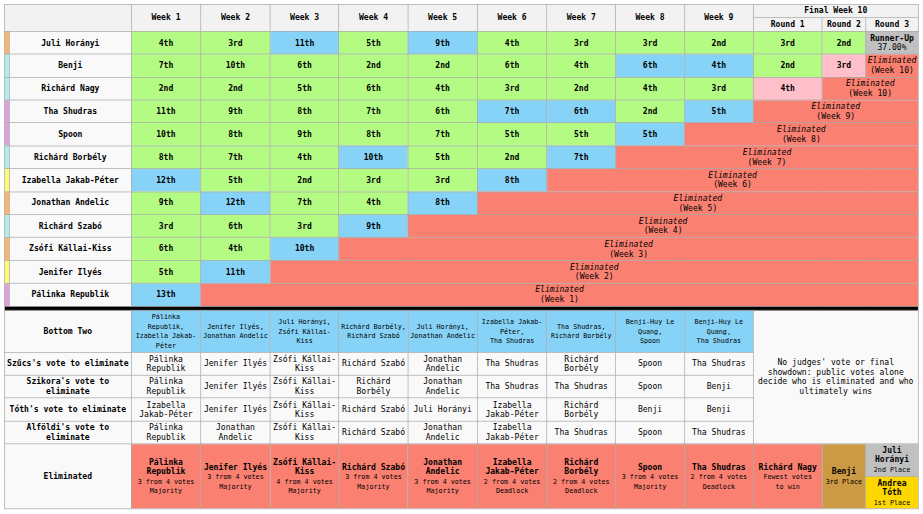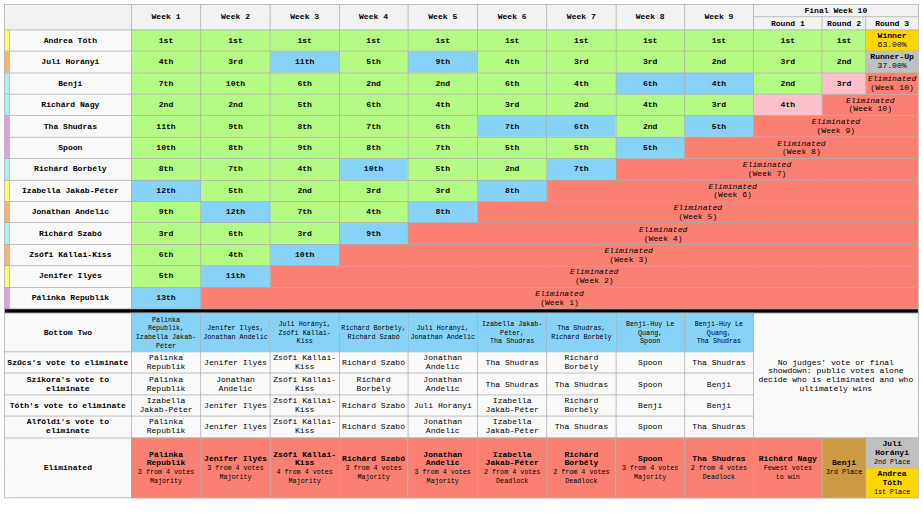 <table class="wikitable" style="text-align:center; font-size:85%">
 <tr>
 <th style="width:15%" rowspan=2 colspan=2></th>
 <th style="width:8%" rowspan=2>Week 1</th>
 <th style="width:8%" rowspan=2>Week 2</th>
 <th style="width:8%" rowspan=2>Week 3</th>
 <th style="width:8%" rowspan=2>Week 4</th>
 <th style="width:8%" rowspan=2>Week 5</th>
 <th style="width:8%" rowspan=2>Week 6</th>
 <th style="width:8%" rowspan=2>Week 7</th>
 <th style="width:8%" rowspan=2>Week 8</th>
 <th style="width:8%" rowspan=2>Week 9</th>
 <th colspan=3>Final Week 10</th>
 </tr>
 <tr>
 <th style="width:8%">Round 1</th>
 <th style="width:8%">Round 2</th>
 <th style="width:8%">Round 3</th>
+</tr>
+<tr>
+<td style="background:#fffa73;"></td>
+<td><strong>Andrea Tóth</strong></td>
+<td style="background:#B4FB84"><strong> 1st</strong></td>
+<td style="background:#B4FB84"><strong> 1st</strong></td>
+<td style="background:#B4FB84"><strong>1st</strong></td>
+<td style="background:#B4FB84"><strong> 1st</strong></td>
+<td style="background:#B4FB84"><strong> 1st</strong></td>
+<td style="background:#B4FB84"><strong> 1st</strong></td>
+<td style="background:#B4FB84"><strong>1st</strong></td>
+<td style="background:#B4FB84"><strong>1st</strong></td>
+<td style="background:#B4FB84"><strong> 1st</strong></td>
+<td style="background:#B4FB84"><strong>1st</strong></td>
+<td style="background:#B4FB84"><strong> 1st</strong></td>
+<td style="background:gold"><strong> Winner</strong> <br>63.00%</td>
 </tr>
 <tr>
 <td style="background:#fbb46e"></td>
 <td><strong>Juli Horányi</strong></td>
 <td style="background:#B4FB84"><strong>4th</strong></td>
 <td style="background:#B4FB84"><strong>3rd</strong></td>
 <td style="background:#87D3F8"><strong> 11th</strong></td>
 <td style="background:#B4FB84"><strong> 5th</strong></td>
 <td style="background:#87D3F8"><strong> 9th</strong></td>
 <td style="background:#B4FB84"><strong>4th</strong></td>
 <td style="background:#B4FB84"><strong> 3rd</strong></td>
 <td style="background:#B4FB84"><strong>3rd</strong></td>
 <td style="background:#B4FB84"><strong> 2nd</strong></td>
 <td style="background:#B4FB84"><strong>3rd</strong></td>
 <td style="background:#B4FB84"><strong>2nd</strong></td>
 <td style="background:silver"><strong>Runner-Up</strong> <br>37.00%</td>
 </tr>
 <tr>
 <td style="background:#afeeee;"></td>
 <td><strong>Benji</strong></td>
 <td style="background:#B4FB84"><strong>7th</strong></td>
 <td style="background:#B4FB84"><strong>10th</strong></td>
 <td style="background:#B4FB84"><strong> 6th</strong></td>
 <td style="background:#B4FB84"><strong> 2nd</strong></td>
 <td style="background:#B4FB84"><strong> 2nd</strong></td>
 <td style="background:#B4FB84"><strong>6th</strong></td>
 <td style="background:#B4FB84"><strong>4th</strong></td>
 <td style="background:#87D3F8"><strong>6th</strong></td>
 <td style="background:#87D3F8"><strong> 4th</strong></td>
 <td style="background:#B4FB84"><strong>2nd</strong></td>
 <td style="background:pink"><strong> 3rd</strong></td>
 <td style="background:salmon;" colspan="1"><em>Eliminated</em><br>(Week 10)</td>
 </tr>
 <tr>
 <td style="background:#afeeee;"></td>
 <td><strong>Richárd Nagy</strong></td>
 <td style="background:#B4FB84"><strong> 2nd</strong></td>
 <td style="background: #B4FB84"><strong>2nd</strong></td>
 <td style="background:#B4FB84"><strong>5th</strong></td>
 <td style="background:#B4FB84"><strong> 6th</strong></td>
 <td style="background:#B4FB84"><strong>4th</strong></td>
 <td style="background:#B4FB84"><strong>3rd</strong></td>
 <td style="background:#B4FB84"><strong>2nd</strong></td>
 <td style="background:#B4FB84"><strong> 4th</strong></td>
 <td style="background:#B4FB84"><strong> 3rd</strong></td>
 <td style="background:pink"><strong>4th</strong></td>
 <td style="background:salmon;" colspan="2"><em>Eliminated</em><br>(Week 10)</td>
 </tr>
 <tr>
 <td style="background:#dda0dd"></td>
 <td><strong>Tha Shudras</strong></td>
 <td style="background:#B4FB84"><strong> 11th</strong></td>
 <td style="background:#B4FB84"><strong> 9th</strong></td>
 <td style="background:#B4FB84"><strong>8th</strong></td>
 <td style="background:#B4FB84"><strong>7th</strong></td>
 <td style="background:#B4FB84"><strong> 6th</strong></td>
 <td style="background:#87D3F8"><strong>7th</strong></td>
 <td style="background:#87D3F8"><strong> 6th</strong></td>
 <td style="background:#B4FB84"><strong>2nd</strong></td>
 <td style="background:#87D3F8"><strong> 5th</strong></td>
 <td style="background:salmon;" colspan="3"><em>Eliminated</em><br>(Week 9)</td>
 </tr>
 <tr>
 <td style="background:#dda0dd"></td>
 <td><strong>Spoon</strong></td>
 <td style="background:#B4FB84"><strong>10th</strong></td>
 <td style="background:#B4FB84"><strong>8th</strong></td>
 <td style="background:#B4FB84"><strong>9th</strong></td>
 <td style="background:#B4FB84"><strong> 8th</strong></td>
 <td style="background:#B4FB84"><strong> 7th</strong></td>
 <td style="background:#B4FB84"><strong>5th</strong></td>
 <td style="background:#B4FB84"><strong> 5th</strong></td>
 <td style="background:#87D3F8"><strong>5th</strong></td>
 <td style="background:salmon;" colspan="4"><em>Eliminated</em><br>(Week 8)</td>
 </tr>
 <tr>
 <td style="background:#afeeee;"></td>
 <td><strong>Richárd Borbély</strong></td>
 <td style="background:#B4FB84"><strong>8th</strong></td>
 <td style="background:#B4FB84"><strong> 7th</strong></td>
 <td style="background:#B4FB84"><strong>4th</strong></td>
 <td style="background:#87D3F8"><strong>10th</strong></td>
 <td style="background:#B4FB84"><strong>5th</strong></td>
 <td style="background:#B4FB84"><strong>2nd</strong></td>
 <td style="background:#87D3F8"><strong> 7th</strong></td>
 <td style="background:salmon;" colspan="5"><em>Eliminated</em><br>(Week 7)</td>
 </tr>
 <tr>
 <td style="background:#fffa73;"></td>
 <td><strong>Izabella Jakab-Péter</strong></td>
 <td style="background:#87D3F8"><strong>12th</strong></td>
 <td style="background:#B4FB84"><strong>5th</strong></td>
 <td style="background:#B4FB84"><strong>2nd</strong></td>
 <td style="background:#B4FB84"><strong> 3rd</strong></td>
 <td style="background:#B4FB84"><strong>3rd</strong></td>
 <td style="background:#87D3F8"><strong> 8th</strong></td>
 <td style="background:salmon;" colspan="6"><em>Eliminated</em><br>(Week 6)</td>
 </tr>
 <tr>
 <td style="background:#fbb46e;"></td>
 <td><strong>Jonathan Andelic</strong></td>
 <td style="background:#B4FB84"><strong> 9th</strong></td>
 <td style="background:#87D3F8"><strong> 12th</strong></td>
 <td style="background:#B4FB84"><strong> 7th</strong></td>
 <td style="background:#B4FB84"><strong> 4th</strong></td>
 <td style="background:#87D3F8"><strong> 8th</strong></td>
 <td style="background:salmon;" colspan="7"><em>Eliminated</em><br>(Week 5)</td>
 </tr>
 <tr>
 <td style="background:#afeeee"></td>
 <td><strong>Richárd Szabó</strong></td>
 <td style="background:#B4FB84"><strong> 3rd</strong></td>
 <td style="background:#B4FB84"><strong>6th</strong></td>
 <td style="background:#B4FB84"><strong>3rd</strong></td>
 <td style="background:#87D3F8"><strong> 9th</strong></td>
 <td style="background:salmon;" colspan="8"><em>Eliminated</em><br>(Week 4)</td>
 </tr>
 <tr>
 <td style="background:#fbb46e;"></td>
 <td><strong>Zsófi Kállai-Kiss</strong></td>
 <td style="background:#B4FB84"><strong> 6th</strong> <br></td>
 <td style="background:#B4FB84"><strong> 4th</strong></td>
 <td style="background:#87D3F8"><strong> 10th</strong></td>
 <td style="background:salmon;" colspan="9"><em>Eliminated</em><br>(Week 3)</td>
 </tr>
 <tr>
 <td style="background:#fffa73;"></td>
 <td><strong>Jenifer Ilyés</strong></td>
 <td style="background:#B4FB84"><strong> 5th</strong> <br></td>
 <td style="background:#87D3F8"><strong>11th</strong></td>
 <td style="background:salmon;" colspan="10"><em>Eliminated</em><br>(Week 2)</td>
 </tr>
 <tr>
 <td style="background:#dda0dd"></td>
 <td><strong>Pálinka Republik</strong></td>
 <td style="background:#87D3F8"><strong> 13th</strong> <br></td>
 <td style="background:salmon;" colspan="11"><em>Eliminated</em><br>(Week 1)</td>
 </tr>
 <tr>
 <td style="background:#000;" colspan="14"></td>
 </tr>
 <tr>
 <td colspan=2><strong>Bottom Two</strong></td>
 <td style="background:#87D3F8"><small>Pálinka Republik,<br>Izabella Jakab-Péter</small></td>
 <td style="background:#87D3F8"><small>Jenifer Ilyés,<br>Jonathan Andelic</small></td>
 <td style="background:#87D3F8"><small>Juli Horányi,<br>Zsófi Kállai-Kiss</small></td>
 <td style="background:#87D3F8"><small>Richárd Borbély,<br>Richárd Szabó</small></td>
 <td style="background:#87D3F8"><small>Juli Horányi,<br>Jonathan Andelic</small></td>
 <td style="background:#87D3F8"><small>Izabella Jakab-Péter,<br>Tha Shudras</small></td>
 <td style="background:#87D3F8"><small>Tha Shudras,<br>Richárd Borbély</small></td>
 <td style="background:#87D3F8"><small>Benji-Huy Le Quang,<br>Spoon</small></td>
 <td style="background:#87D3F8"><small>Benji-Huy Le Quang,<br>Tha Shudras</small></td>
 <td rowspan=5 colspan=3>No judges' vote or final showdown: public votes alone decide who is eliminated and who ultimately wins</td>
 </tr>
 <tr>
 <td colspan="2"><strong>Szűcs's vote to eliminate</strong></td>
 <td>Pálinka Republik</td>
 <td>Jenifer Ilyés</td>
 <td>Zsófi Kállai-Kiss</td>
 <td>Richárd Szabó</td>
 <td>Jonathan Andelic</td>
 <td>Tha Shudras</td>
 <td>Richárd Borbély</td>
 <td>Spoon</td>
 <td>Tha Shudras</td>
 </tr>
 <tr>
 <td colspan="2"><strong>Szikora's vote to eliminate</strong></td>
 <td>Pálinka Republik</td>
-<td>Jenifer Ilyés</td>
+<td>Jonathan Andelic</td>
 <td>Zsófi Kállai-Kiss</td>
 <td>Richárd Borbély</td>
 <td>Jonathan Andelic</td>
 <td>Tha Shudras</td>
 <td>Tha Shudras</td>
 <td>Spoon</td>
 <td>Benji</td>
 </tr>
 <tr>
 <td colspan="2"><strong>Tóth's vote to eliminate</strong></td>
 <td>Izabella Jakab-Péter</td>
 <td>Jenifer Ilyés</td>
 <td>Zsófi Kállai-Kiss</td>
 <td>Richárd Szabó</td>
 <td>Juli Horányi</td>
 <td>Izabella Jakab-Péter</td>
 <td>Richárd Borbély</td>
 <td>Benji</td>
 <td>Benji</td>
 </tr>
 <tr>
 <td colspan="2"><strong>Alföldi's vote to eliminate</strong></td>
 <td>Pálinka Republik</td>
-<td>Jonathan Andelic</td>
+<td>Jenifer Ilyés</td>
 <td>Zsófi Kállai-Kiss</td>
 <td>Richárd Szabó</td>
 <td>Jonathan Andelic</td>
 <td>Izabella Jakab-Péter</td>
 <td>Tha Shudras</td>
 <td>Spoon</td>
 <td>Tha Shudras</td>
 </tr>
 <tr>
 <td rowspan=2 colspan=2><strong>Eliminated</strong></td>
 <td style="background:salmon;" rowspan="2"><strong>Pálinka Republik</strong><br><small>3 from 4 votes</small><br><small>Majority</small></td>
 <td style="background:salmon;" rowspan="2"><strong>Jenifer Ilyés</strong><br><small>3 from 4 votes </small><br><small>Majority</small></td>
 <td style="background:salmon;" rowspan="2"><strong>Zsófi Kállai-Kiss</strong><br><small>4 from 4 votes </small><br><small>Majority</small></td>
 <td style="background:salmon;" rowspan="2"><strong>Richárd Szabó</strong><br><small>3 from 4 votes </small><br><small>Majority</small></td>
 <td style="background:salmon;" rowspan="2"><strong>Jonathan Andelic</strong><br><small>3 from 4 votes </small><br><small>Majority</small></td>
 <td style="background:salmon;" rowspan="2"><strong>Izabella Jakab-Péter</strong><br><small>2 from 4 votes </small><br><small>Deadlock</small></td>
 <td style="background:salmon;" rowspan="2"><strong>Richárd Borbély</strong><br><small>2 from 4 votes </small><br><small>Deadlock</small></td>
 <td style="background:salmon;" rowspan="2"><strong>Spoon</strong><br><small>3 from 4 votes </small><br><small>Majority</small></td>
 <td style="background:salmon;" rowspan="2"><strong>Tha Shudras</strong><br><small>2 from 4 votes </small><br><small>Deadlock</small></td>
 <td style="background:salmon;" rowspan="2"><strong>Richárd Nagy</strong><br><small>Fewest votes<br>to win</small></td>
 <td style="background:#c94;"  rowspan="2"><strong>Benji</strong><br><small>3rd Place</small></td>
 <td style="background:silver;"><strong>Juli Horányi</strong><br><small>2nd Place</small></td>
 </tr>
 <tr>
 <td style="background:gold; width:5%;"><strong>Andrea Tóth</strong><br><small>1st Place</small></td>
 </tr>
 </table>
